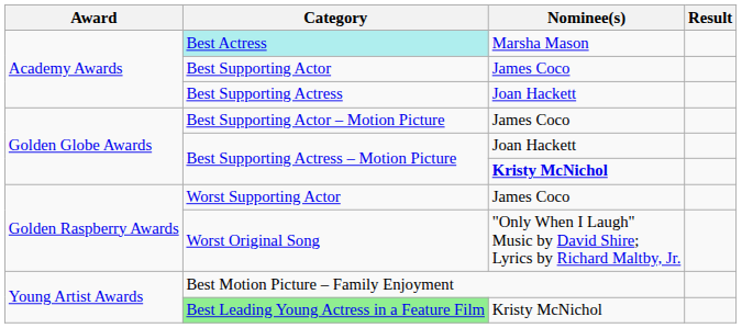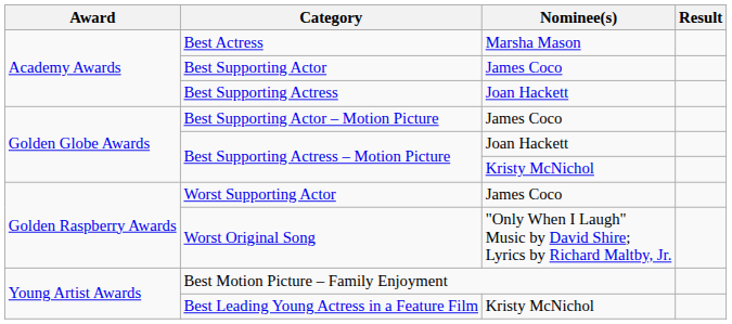 <table class="wikitable plainrowheaders">
 <tr>
 <th>Award</th>
 <th>Category</th>
 <th>Nominee(s)</th>
 <th>Result</th>
 </tr>
 <tr>
 <td rowspan="3"><a href='#'>Academy Awards</a></td>
-<td style="background: paleturquoise;"><a href='#'>Best Actress</a></td>
+<td><a href='#'>Best Actress</a></td>
 <td><a href='#'>Marsha Mason</a></td>
 <td></td>
 </tr>
 <tr>
 <td><a href='#'>Best Supporting Actor</a></td>
 <td><a href='#'>James Coco</a></td>
 <td></td>
 </tr>
 <tr>
 <td><a href='#'>Best Supporting Actress</a></td>
 <td><a href='#'>Joan Hackett</a></td>
 <td></td>
 </tr>
 <tr>
 <td rowspan="3"><a href='#'>Golden Globe Awards</a></td>
 <td><a href='#'>Best Supporting Actor – Motion Picture</a></td>
 <td>James Coco</td>
 <td></td>
 </tr>
 <tr>
 <td rowspan="2"><a href='#'>Best Supporting Actress – Motion Picture</a></td>
 <td>Joan Hackett</td>
 <td></td>
 </tr>
 <tr>
-<td><strong><a href='#'>Kristy McNichol</a></strong></td>
+<td><a href='#'>Kristy McNichol</a></td>
 <td></td>
 </tr>
 <tr>
 <td rowspan="2"><a href='#'>Golden Raspberry Awards</a></td>
 <td><a href='#'>Worst Supporting Actor</a></td>
 <td>James Coco</td>
 <td></td>
 </tr>
 <tr>
 <td><a href='#'>Worst Original Song</a></td>
 <td>"Only When I Laugh" <br> Music by <a href='#'>David Shire</a>; <br> Lyrics by <a href='#'>Richard Maltby, Jr.</a></td>
 <td></td>
 </tr>
 <tr>
 <td rowspan="2"><a href='#'>Young Artist Awards</a></td>
 <td colspan="2">Best Motion Picture – Family Enjoyment</td>
 <td></td>
 </tr>
 <tr>
-<td style="background: lightgreen;"><a href='#'>Best Leading Young Actress in a Feature Film</a></td>
+<td><a href='#'>Best Leading Young Actress in a Feature Film</a></td>
 <td>Kristy McNichol</td>
 <td></td>
 </tr>
 </table>
